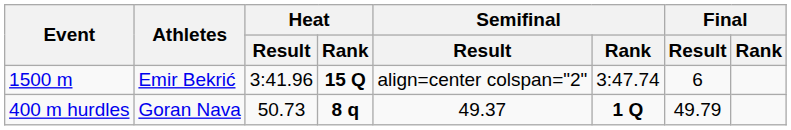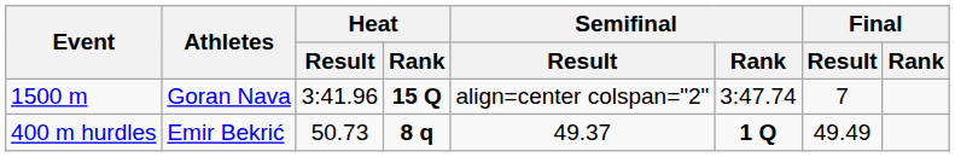 <table class="wikitable" border="1" style="font-size:90%">
 <tr>
 <th rowspan="2">Event</th>
 <th rowspan="2">Athletes</th>
 <th colspan="2">Heat</th>
 <th colspan="2">Semifinal</th>
 <th colspan="2">Final</th>
 </tr>
 <tr>
 <th>Result</th>
 <th>Rank</th>
 <th>Result</th>
 <th>Rank</th>
 <th>Result</th>
 <th>Rank</th>
 </tr>
 <tr>
 <td><a href='#'>1500 m</a></td>
-<td><a href='#'>Emir Bekrić</a></td>
+<td><a href='#'>Goran Nava</a></td>
 <td align=center>3:41.96</td>
 <td align=center><strong>15 Q</strong></td>
 <td>align=center colspan="2" </td>
 <td align=center>3:47.74</td>
-<td align=center>6</td>
+<td align=center>7</td>
 </tr>
 <tr>
 <td><a href='#'>400 m hurdles</a></td>
-<td><a href='#'>Goran Nava</a></td>
+<td><a href='#'>Emir Bekrić</a></td>
 <td align=center>50.73</td>
 <td align=center><strong>8 q</strong></td>
 <td align=center>49.37</td>
 <td align=center><strong>1 Q</strong></td>
-<td align=center>49.79</td>
+<td align=center>49.49</td>
 <td align=center></td>
 </tr>
 </table>
